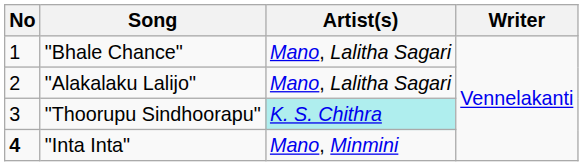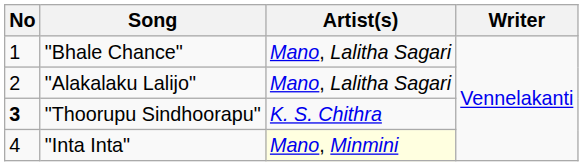 <table class="wikitable" style="font-size:95%;">
 <tr>
 <th>No</th>
 <th>Song</th>
 <th>Artist(s)</th>
 <th>Writer</th>
 </tr>
 <tr>
 <td>1</td>
 <td>"Bhale Chance"</td>
 <td><a href='#'><em>Mano</em></a>, <em>Lalitha Sagari</em></td>
 <td rowspan="4"><a href='#'>Vennelakanti</a></td>
 </tr>
 <tr>
 <td>2</td>
 <td>"Alakalaku Lalijo"</td>
 <td><em><a href='#'>Mano</a></em>, <em>Lalitha Sagari</em></td>
 </tr>
 <tr>
-<td>3</td>
+<td><strong>3</strong></td>
 <td>"Thoorupu Sindhoorapu"</td>
-<td style="background: paleturquoise;"><em><a href='#'>K. S. Chithra</a></em></td>
+<td><em><a href='#'>K. S. Chithra</a></em></td>
 </tr>
 <tr>
-<td><strong>4</strong></td>
+<td>4</td>
 <td>"Inta Inta"</td>
-<td><em><a href='#'>Mano</a></em>, <em><a href='#'>Minmini</a></em></td>
+<td style="background: lightyellow;"><em><a href='#'>Mano</a></em>, <em><a href='#'>Minmini</a></em></td>
 </tr>
 </table>
